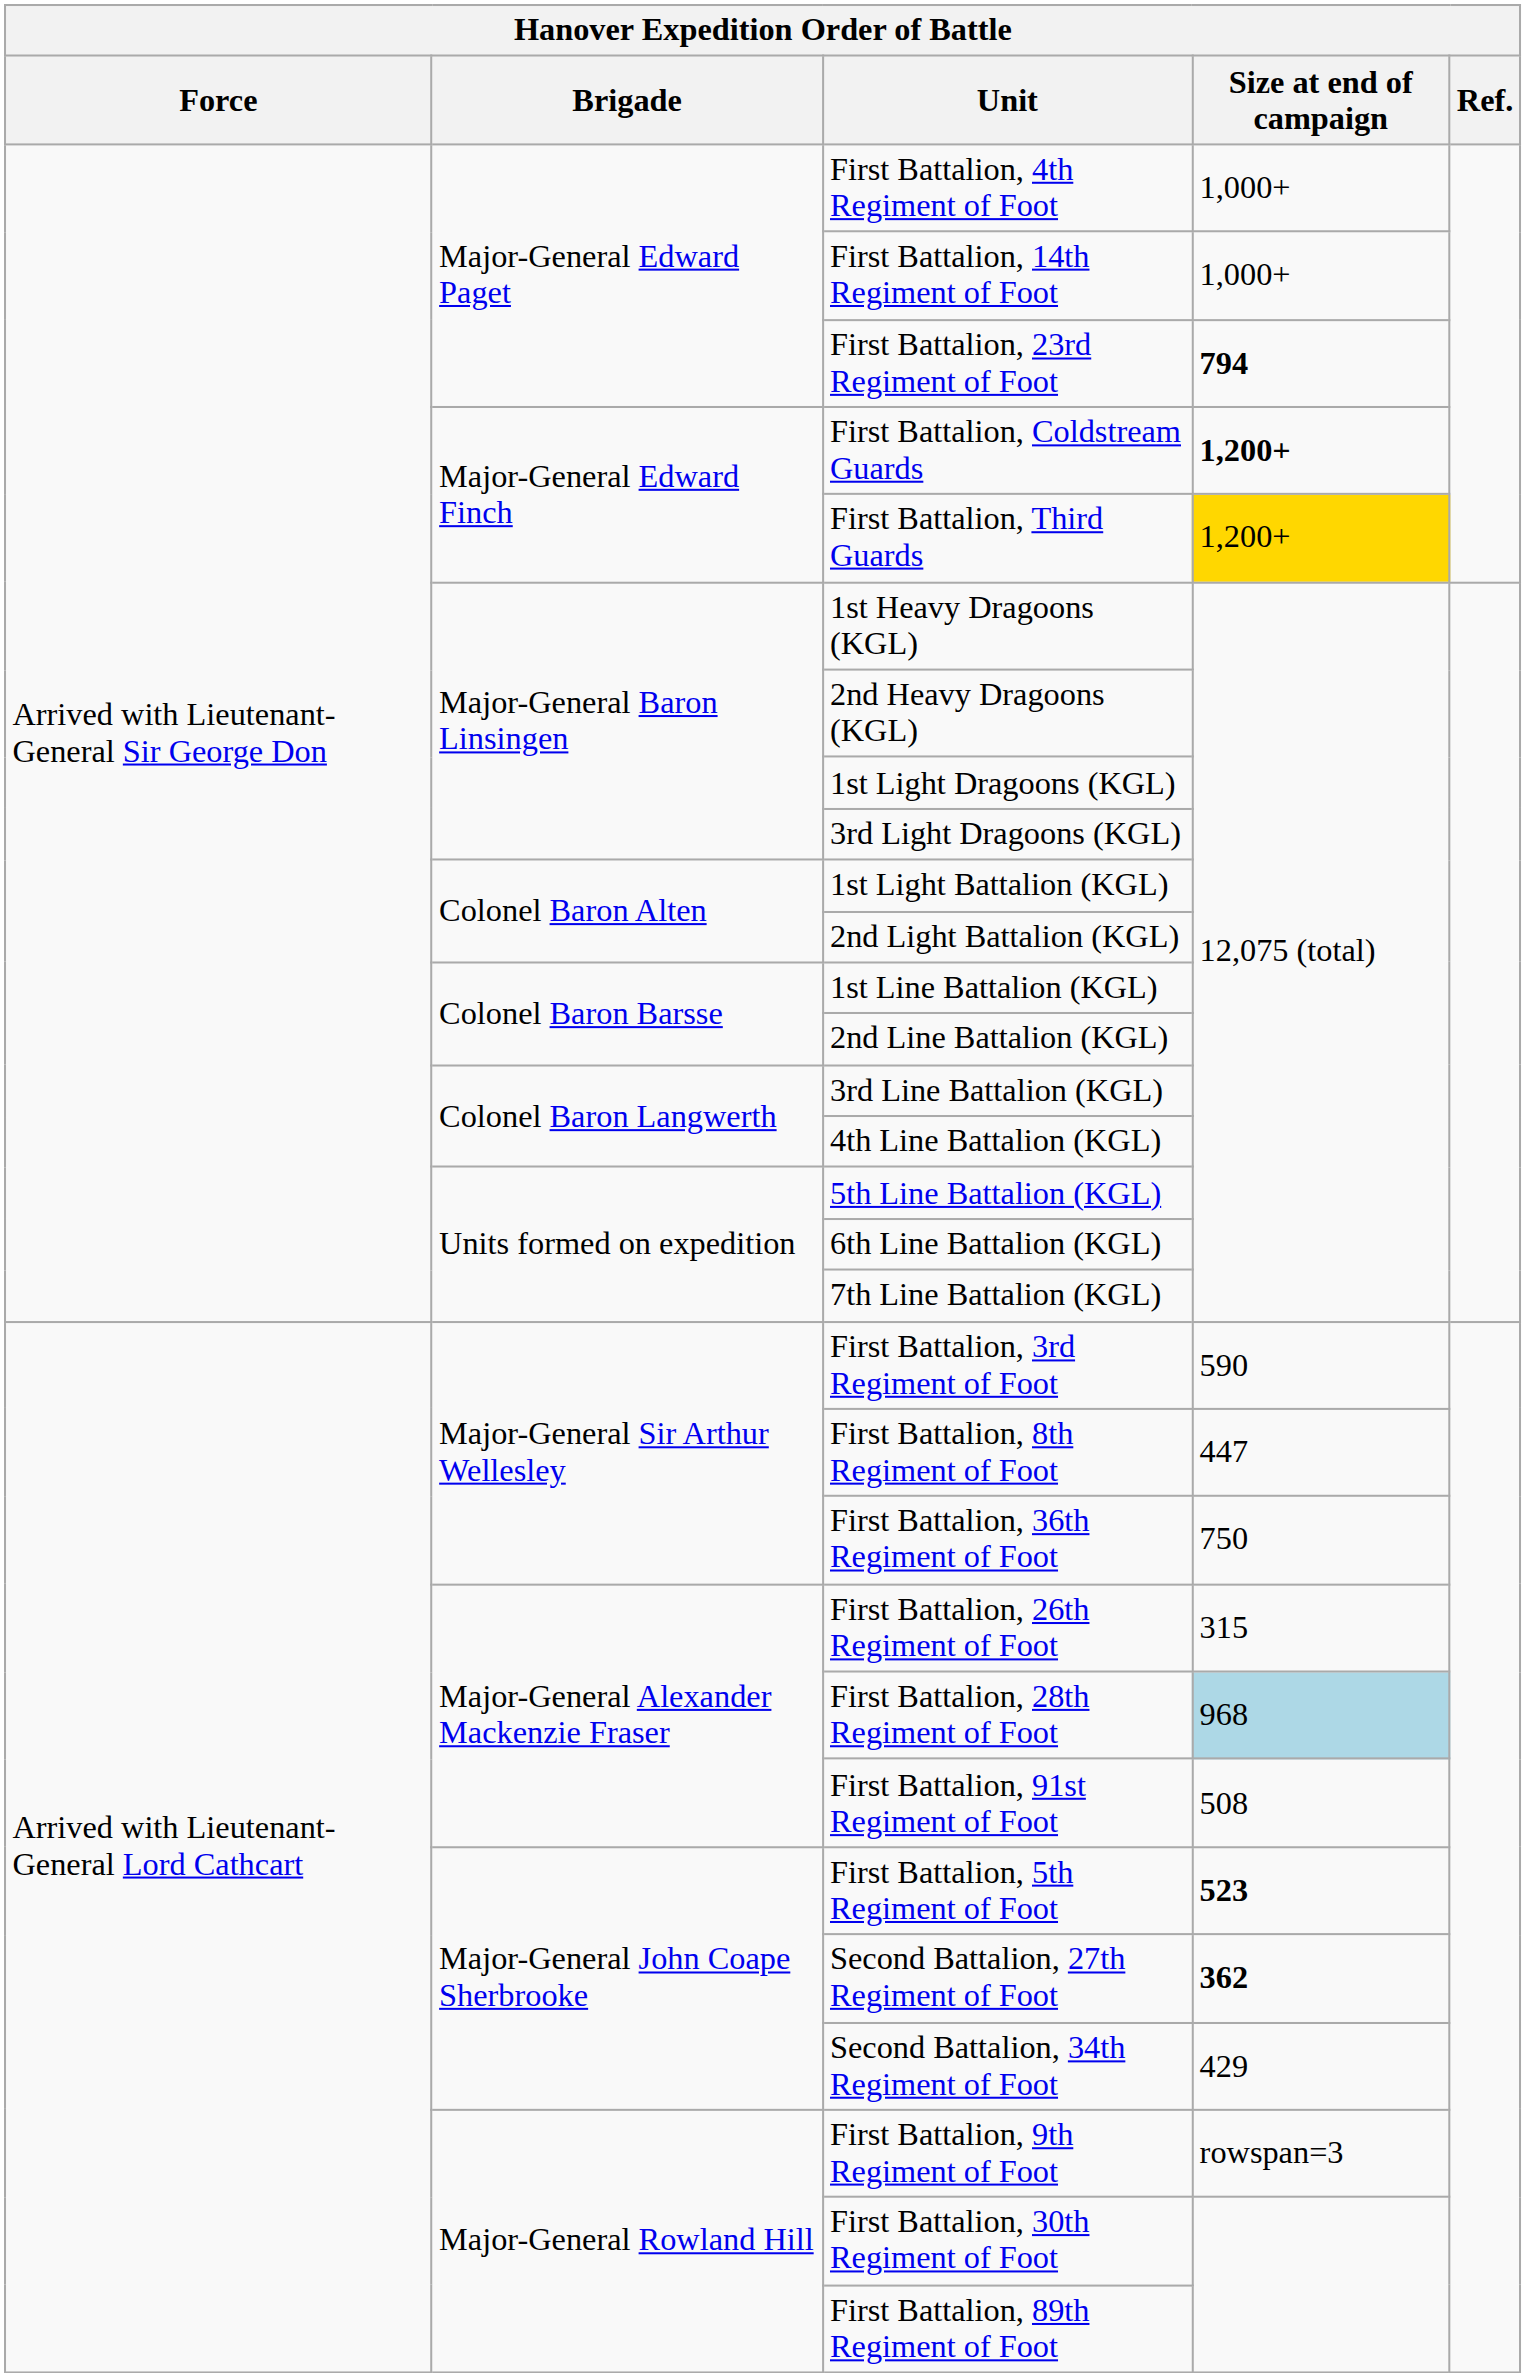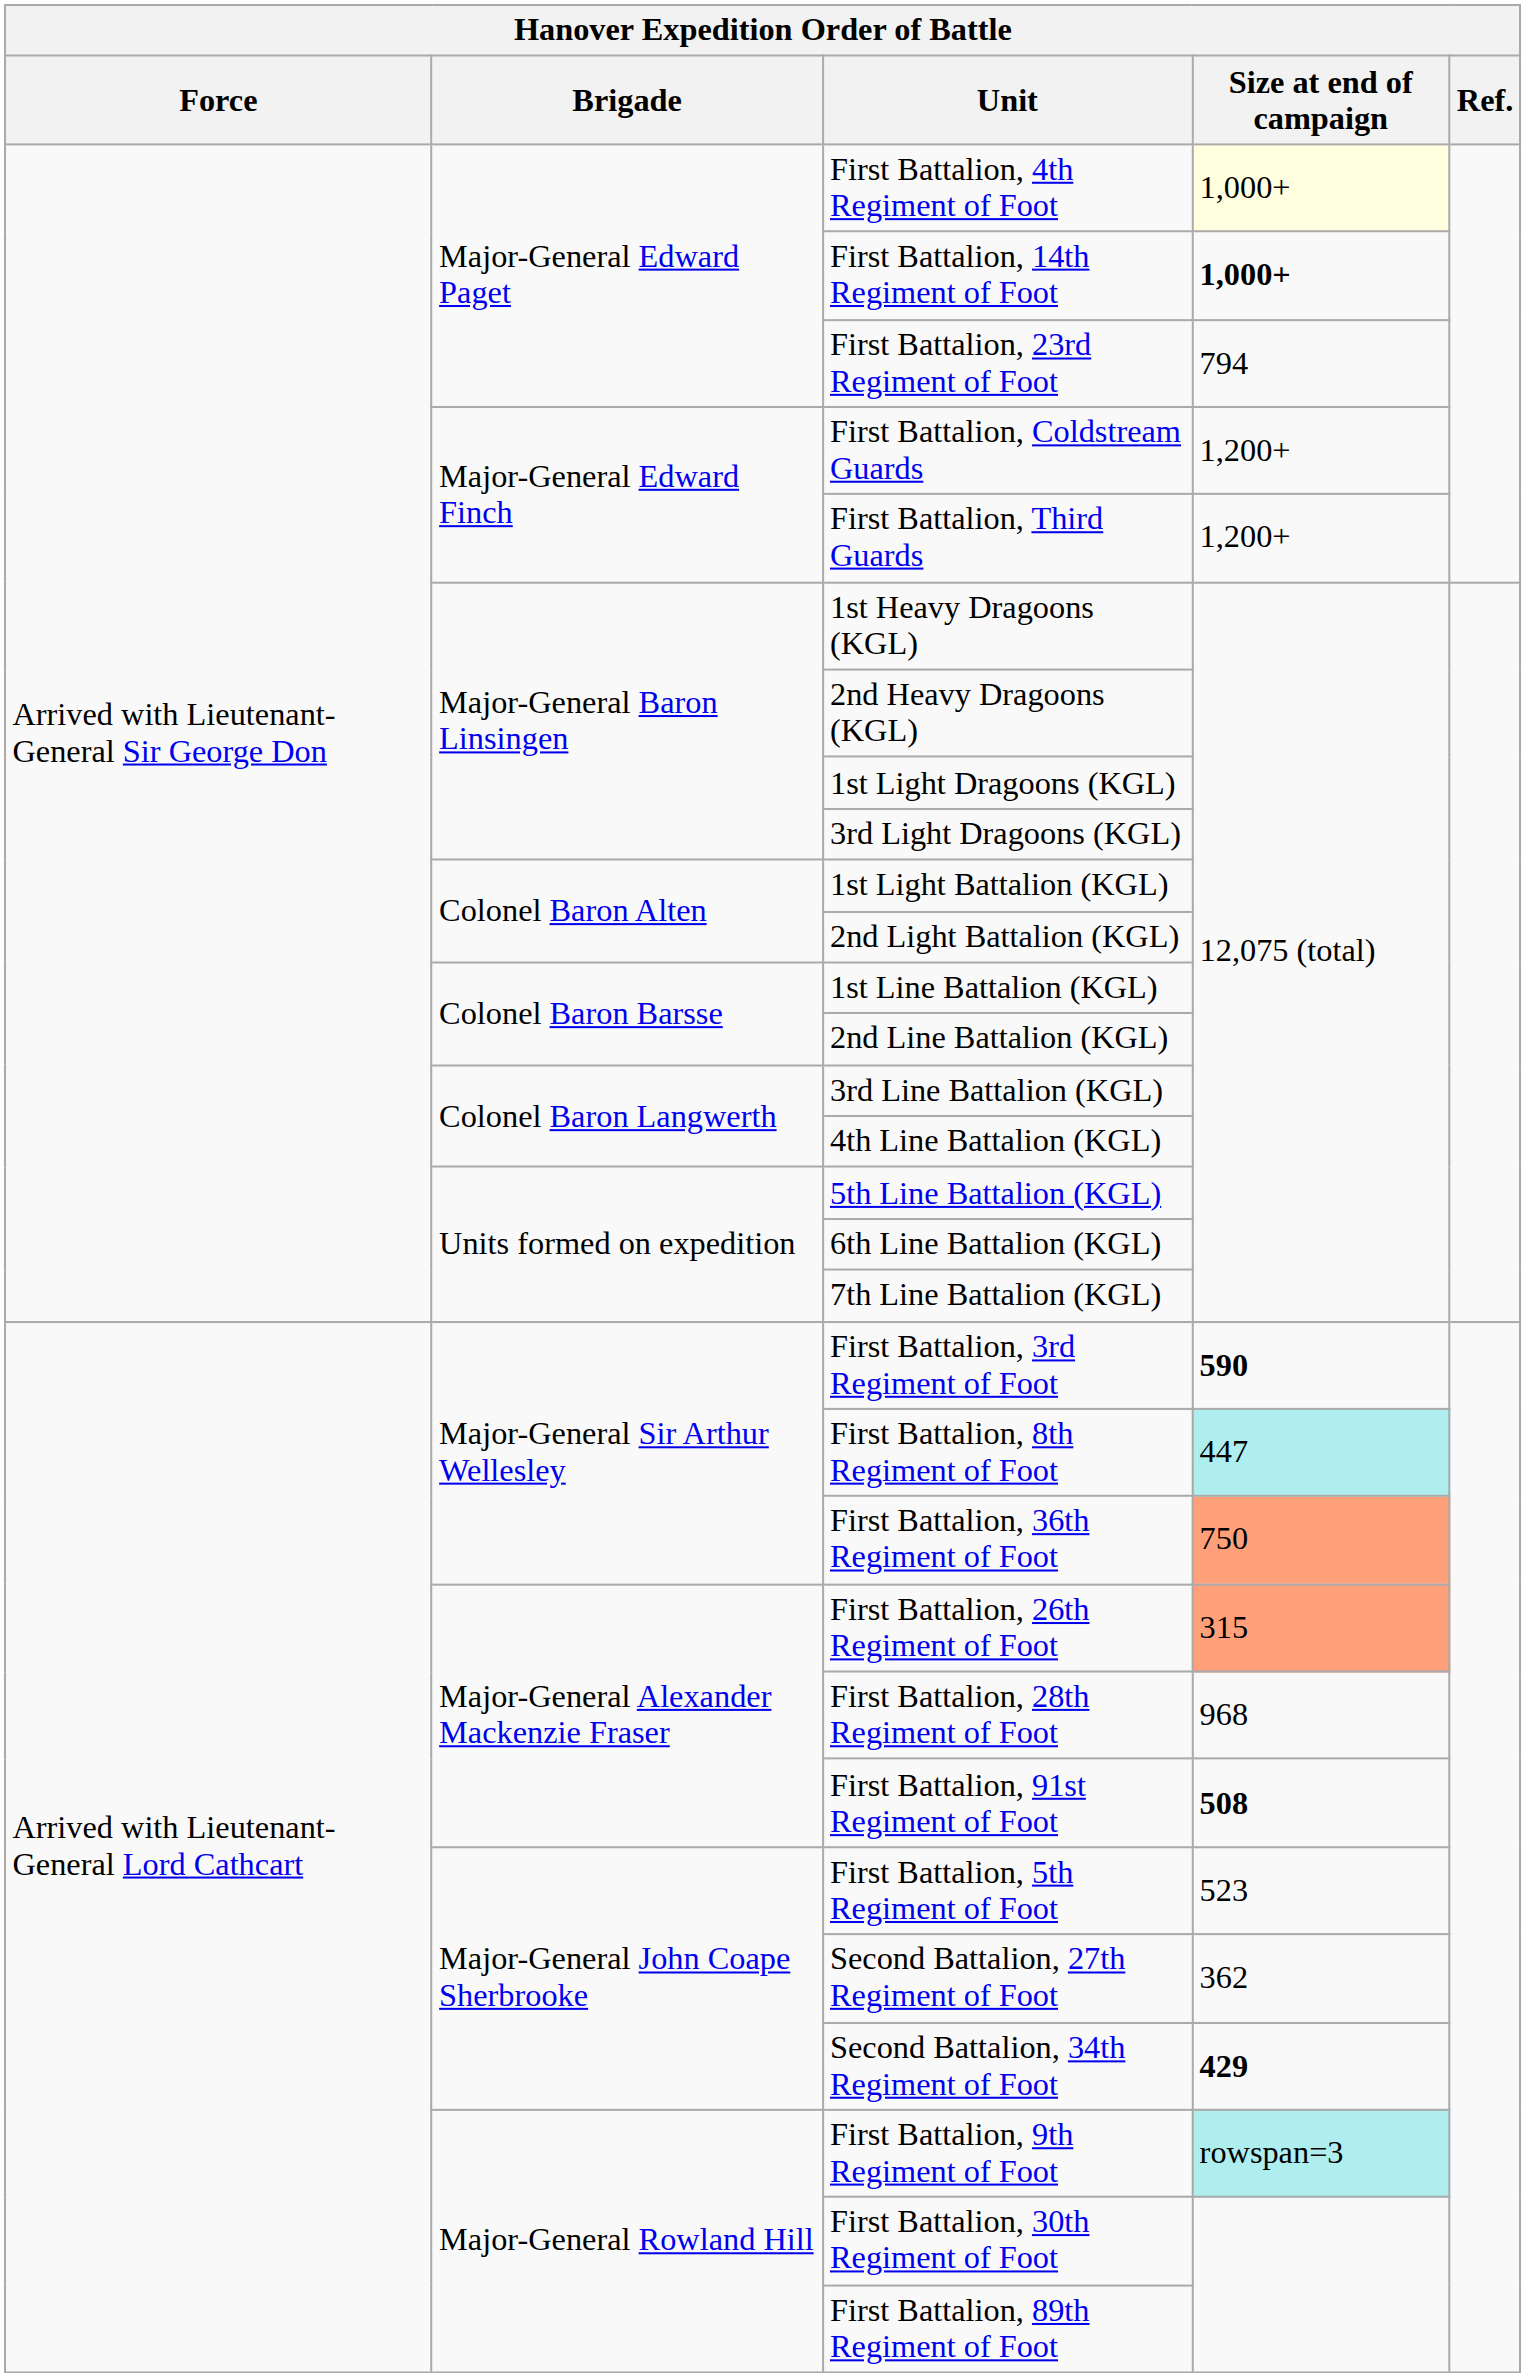 <table class="wikitable" style="width:85%; align-center">
 <tr>
 <th colspan="5">Hanover Expedition Order of Battle</th>
 </tr>
 <tr>
 <th>Force</th>
 <th>Brigade</th>
 <th>Unit</th>
 <th>Size at end of campaign</th>
 <th>Ref.</th>
 </tr>
 <tr>
 <td rowspan=18>Arrived with Lieutenant-General <a href='#'>Sir George Don</a></td>
 <td rowspan=3>Major-General <a href='#'>Edward Paget</a></td>
 <td>First Battalion, <a href='#'>4th Regiment of Foot</a></td>
-<td>1,000+</td>
+<td style="background: lightyellow;">1,000+</td>
 <td rowspan=5></td>
 </tr>
 <tr>
 <td>First Battalion, <a href='#'>14th Regiment of Foot</a></td>
-<td>1,000+</td>
+<td><strong>1,000+</strong></td>
 </tr>
 <tr>
 <td>First Battalion, <a href='#'>23rd Regiment of Foot</a></td>
-<td><strong>794</strong></td>
+<td>794</td>
 </tr>
 <tr>
 <td rowspan=2>Major-General <a href='#'>Edward Finch</a></td>
 <td>First Battalion, <a href='#'>Coldstream Guards</a></td>
-<td><strong>1,200+</strong></td>
+<td>1,200+</td>
 </tr>
 <tr>
 <td>First Battalion, <a href='#'>Third Guards</a></td>
-<td style="background: gold;">1,200+</td>
+<td>1,200+</td>
 </tr>
 <tr>
 <td rowspan=4>Major-General <a href='#'>Baron Linsingen</a></td>
 <td>1st Heavy Dragoons (KGL)</td>
 <td rowspan=13>12,075 (total)</td>
 <td rowspan=13></td>
 </tr>
 <tr>
 <td>2nd Heavy Dragoons (KGL)</td>
 </tr>
 <tr>
 <td>1st Light Dragoons (KGL)</td>
 </tr>
 <tr>
 <td>3rd Light Dragoons (KGL)</td>
 </tr>
 <tr>
 <td rowspan=2>Colonel <a href='#'>Baron Alten</a></td>
 <td>1st Light Battalion (KGL)</td>
 </tr>
 <tr>
 <td>2nd Light Battalion (KGL)</td>
 </tr>
 <tr>
 <td rowspan=2>Colonel <a href='#'>Baron Barsse</a></td>
 <td>1st Line Battalion (KGL)</td>
 </tr>
 <tr>
 <td>2nd Line Battalion (KGL)</td>
 </tr>
 <tr>
 <td rowspan=2>Colonel <a href='#'>Baron Langwerth</a></td>
 <td>3rd Line Battalion (KGL)</td>
 </tr>
 <tr>
 <td>4th Line Battalion (KGL)</td>
 </tr>
 <tr>
 <td rowspan=3>Units formed on expedition</td>
 <td><a href='#'>5th Line Battalion (KGL)</a></td>
 </tr>
 <tr>
 <td>6th Line Battalion (KGL)</td>
 </tr>
 <tr>
 <td>7th Line Battalion (KGL)</td>
 </tr>
 <tr>
 <td rowspan=13>Arrived with Lieutenant-General <a href='#'>Lord Cathcart</a></td>
 <td rowspan=3>Major-General <a href='#'>Sir Arthur Wellesley</a></td>
 <td>First Battalion, <a href='#'>3rd Regiment of Foot</a></td>
-<td>590</td>
+<td><strong>590</strong></td>
 <td rowspan=13></td>
 </tr>
 <tr>
 <td>First Battalion, <a href='#'>8th Regiment of Foot</a></td>
-<td>447</td>
+<td style="background: paleturquoise;">447</td>
 </tr>
 <tr>
 <td>First Battalion, <a href='#'>36th Regiment of Foot</a></td>
-<td>750</td>
+<td style="background: lightsalmon;">750</td>
 </tr>
 <tr>
 <td rowspan=3>Major-General <a href='#'>Alexander Mackenzie Fraser</a></td>
 <td>First Battalion, <a href='#'>26th Regiment of Foot</a></td>
-<td>315</td>
+<td style="background: lightsalmon;">315</td>
 </tr>
 <tr>
 <td>First Battalion, <a href='#'>28th Regiment of Foot</a></td>
-<td style="background: lightblue;">968</td>
+<td>968</td>
 </tr>
 <tr>
 <td>First Battalion, <a href='#'>91st Regiment of Foot</a></td>
-<td>508</td>
+<td><strong>508</strong></td>
 </tr>
 <tr>
 <td rowspan=3>Major-General <a href='#'>John Coape Sherbrooke</a></td>
 <td>First Battalion, <a href='#'>5th Regiment of Foot</a></td>
-<td><strong>523</strong></td>
+<td>523</td>
 </tr>
 <tr>
 <td>Second Battalion, <a href='#'>27th Regiment of Foot</a></td>
-<td><strong>362</strong></td>
+<td>362</td>
 </tr>
 <tr>
 <td>Second Battalion, <a href='#'>34th Regiment of Foot</a></td>
-<td>429</td>
+<td><strong>429</strong></td>
 </tr>
 <tr>
 <td rowspan=3>Major-General <a href='#'>Rowland Hill</a></td>
 <td>First Battalion, <a href='#'>9th Regiment of Foot</a></td>
-<td>rowspan=3 </td>
+<td style="background: paleturquoise;">rowspan=3 </td>
 </tr>
 <tr>
 <td>First Battalion, <a href='#'>30th Regiment of Foot</a></td>
 </tr>
 <tr>
 <td>First Battalion, <a href='#'>89th Regiment of Foot</a></td>
 </tr>
 </table>
